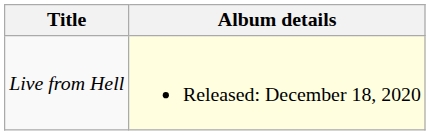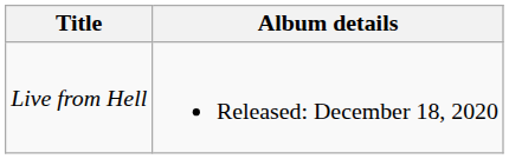 <table class="wikitable">
 <tr>
 <th>Title</th>
 <th>Album details</th>
 </tr>
 <tr>
 <td><em>Live from Hell</em></td>
-<td style="background: lightyellow;"><br><ul><li>Released: December 18, 2020</li></ul></td>
+<td><br><ul><li>Released: December 18, 2020</li></ul></td>
 </tr>
 </table>
